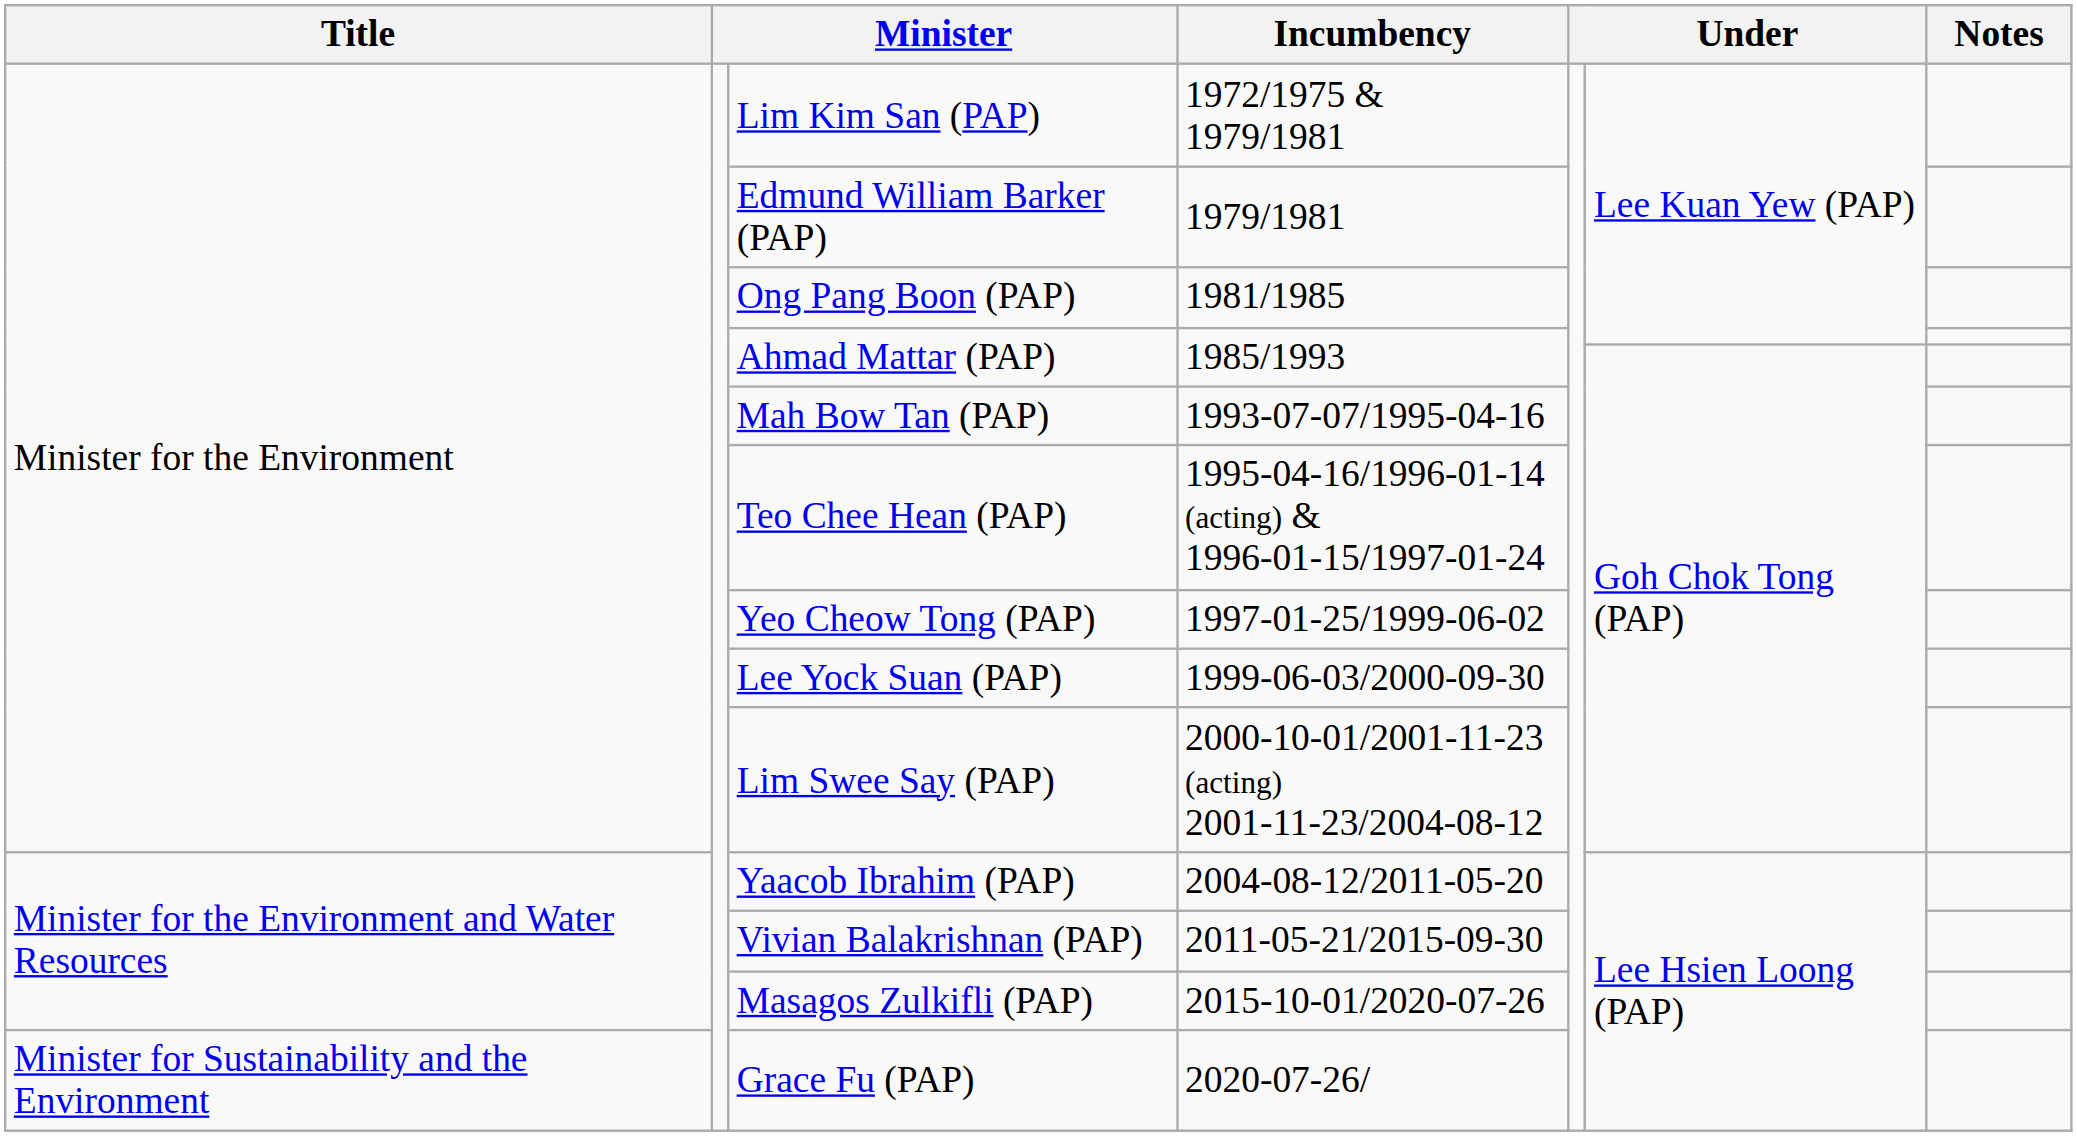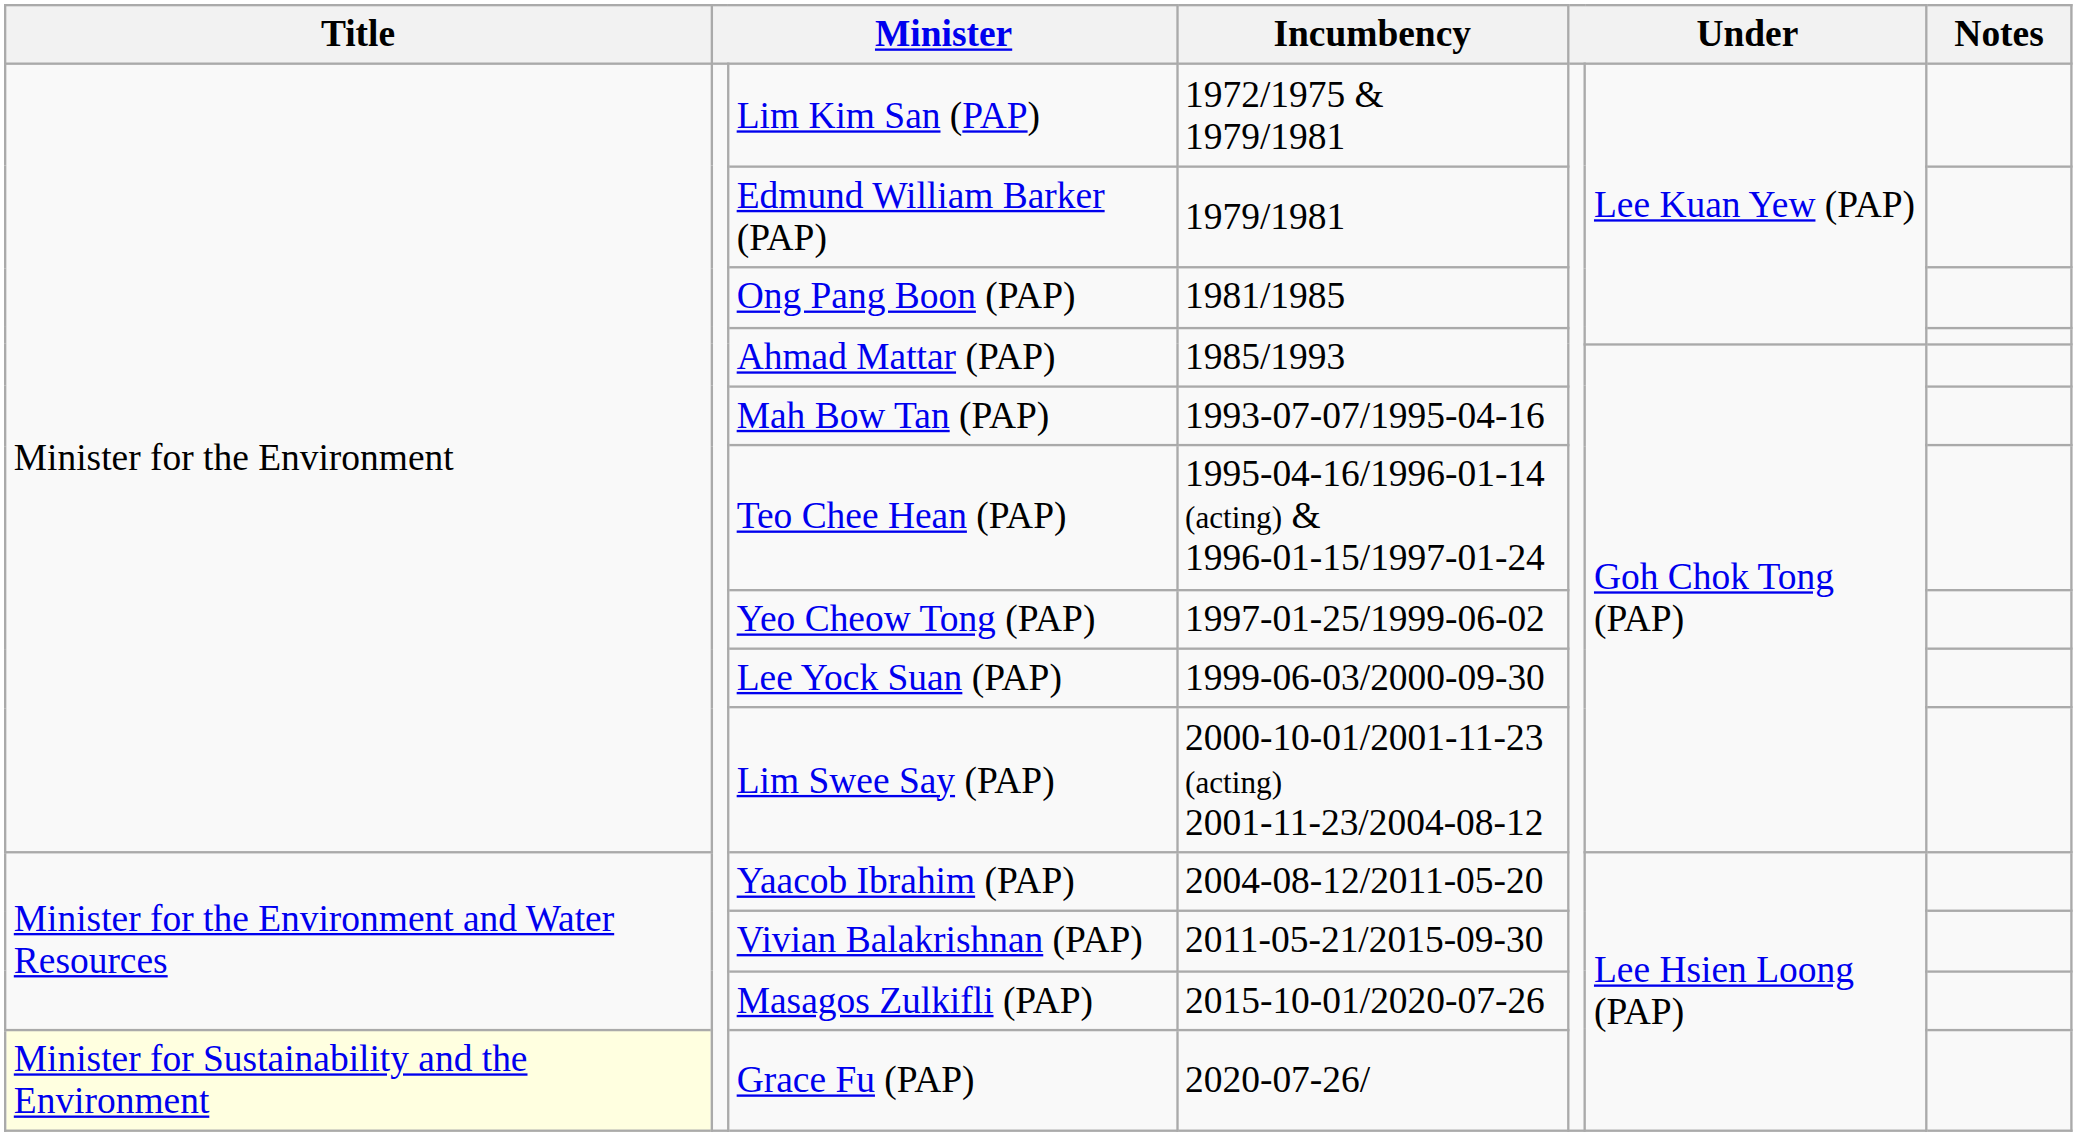 <table class="wikitable" style="width:100%;">
 <tr>
 <th>Title</th>
 <th colspan="2"><a href='#'>Minister</a></th>
 <th style="width:160px;">Incumbency</th>
 <th colspan="2">Under</th>
 <th style="width:7%;">Notes</th>
 </tr>
 <tr>
 <td rowspan="10">Minister for the Environment</td>
 <td rowspan="14"></td>
 <td><a href='#'>Lim Kim San</a> (<a href='#'>PAP</a>)</td>
 <td>1972/1975 &<br>1979/1981</td>
 <td rowspan="14"></td>
 <td rowspan="4"><a href='#'>Lee Kuan Yew</a> (PAP)</td>
 <td></td>
 </tr>
 <tr>
 <td><a href='#'>Edmund William Barker</a> (PAP)</td>
 <td>1979/1981</td>
 <td></td>
 </tr>
 <tr>
 <td><a href='#'>Ong Pang Boon</a> (PAP)</td>
 <td>1981/1985</td>
 <td></td>
 </tr>
 <tr>
 <td rowspan="2"><a href='#'>Ahmad Mattar</a> (PAP)</td>
 <td rowspan="2">1985/1993</td>
 <td></td>
 </tr>
 <tr>
 <td rowspan="6"><a href='#'>Goh Chok Tong</a> (PAP)</td>
 <td></td>
 </tr>
 <tr>
 <td><a href='#'>Mah Bow Tan</a> (PAP)</td>
 <td>1993-07-07/1995-04-16</td>
 <td></td>
 </tr>
 <tr>
 <td><a href='#'>Teo Chee Hean</a> (PAP)</td>
 <td>1995-04-16/1996-01-14 <small>(acting)</small> &<br>1996-01-15/1997-01-24</td>
 <td></td>
 </tr>
 <tr>
 <td><a href='#'>Yeo Cheow Tong</a> (PAP)</td>
 <td>1997-01-25/1999-06-02</td>
 <td></td>
 </tr>
 <tr>
 <td><a href='#'>Lee Yock Suan</a> (PAP)</td>
 <td>1999-06-03/2000-09-30</td>
 <td></td>
 </tr>
 <tr>
 <td><a href='#'>Lim Swee Say</a> (PAP)</td>
 <td>2000-10-01/2001-11-23 <small>(acting)</small><br>2001-11-23/2004-08-12</td>
 <td></td>
 </tr>
 <tr>
 <td rowspan="3"><a href='#'>Minister for the Environment and Water Resources</a></td>
 <td><a href='#'>Yaacob Ibrahim</a> (PAP)</td>
 <td>2004-08-12/2011-05-20</td>
 <td rowspan="4"><a href='#'>Lee Hsien Loong</a> (PAP)</td>
 <td></td>
 </tr>
 <tr>
 <td><a href='#'>Vivian Balakrishnan</a> (PAP)</td>
 <td>2011-05-21/2015-09-30</td>
 <td></td>
 </tr>
 <tr>
 <td><a href='#'>Masagos Zulkifli</a> (PAP)</td>
 <td>2015-10-01/2020-07-26</td>
 <td></td>
 </tr>
 <tr>
-<td><a href='#'>Minister for Sustainability and the Environment</a></td>
+<td style="background: lightyellow;"><a href='#'>Minister for Sustainability and the Environment</a></td>
 <td><a href='#'>Grace Fu</a> (PAP)</td>
 <td>2020-07-26/</td>
 <td></td>
 </tr>
 </table>
